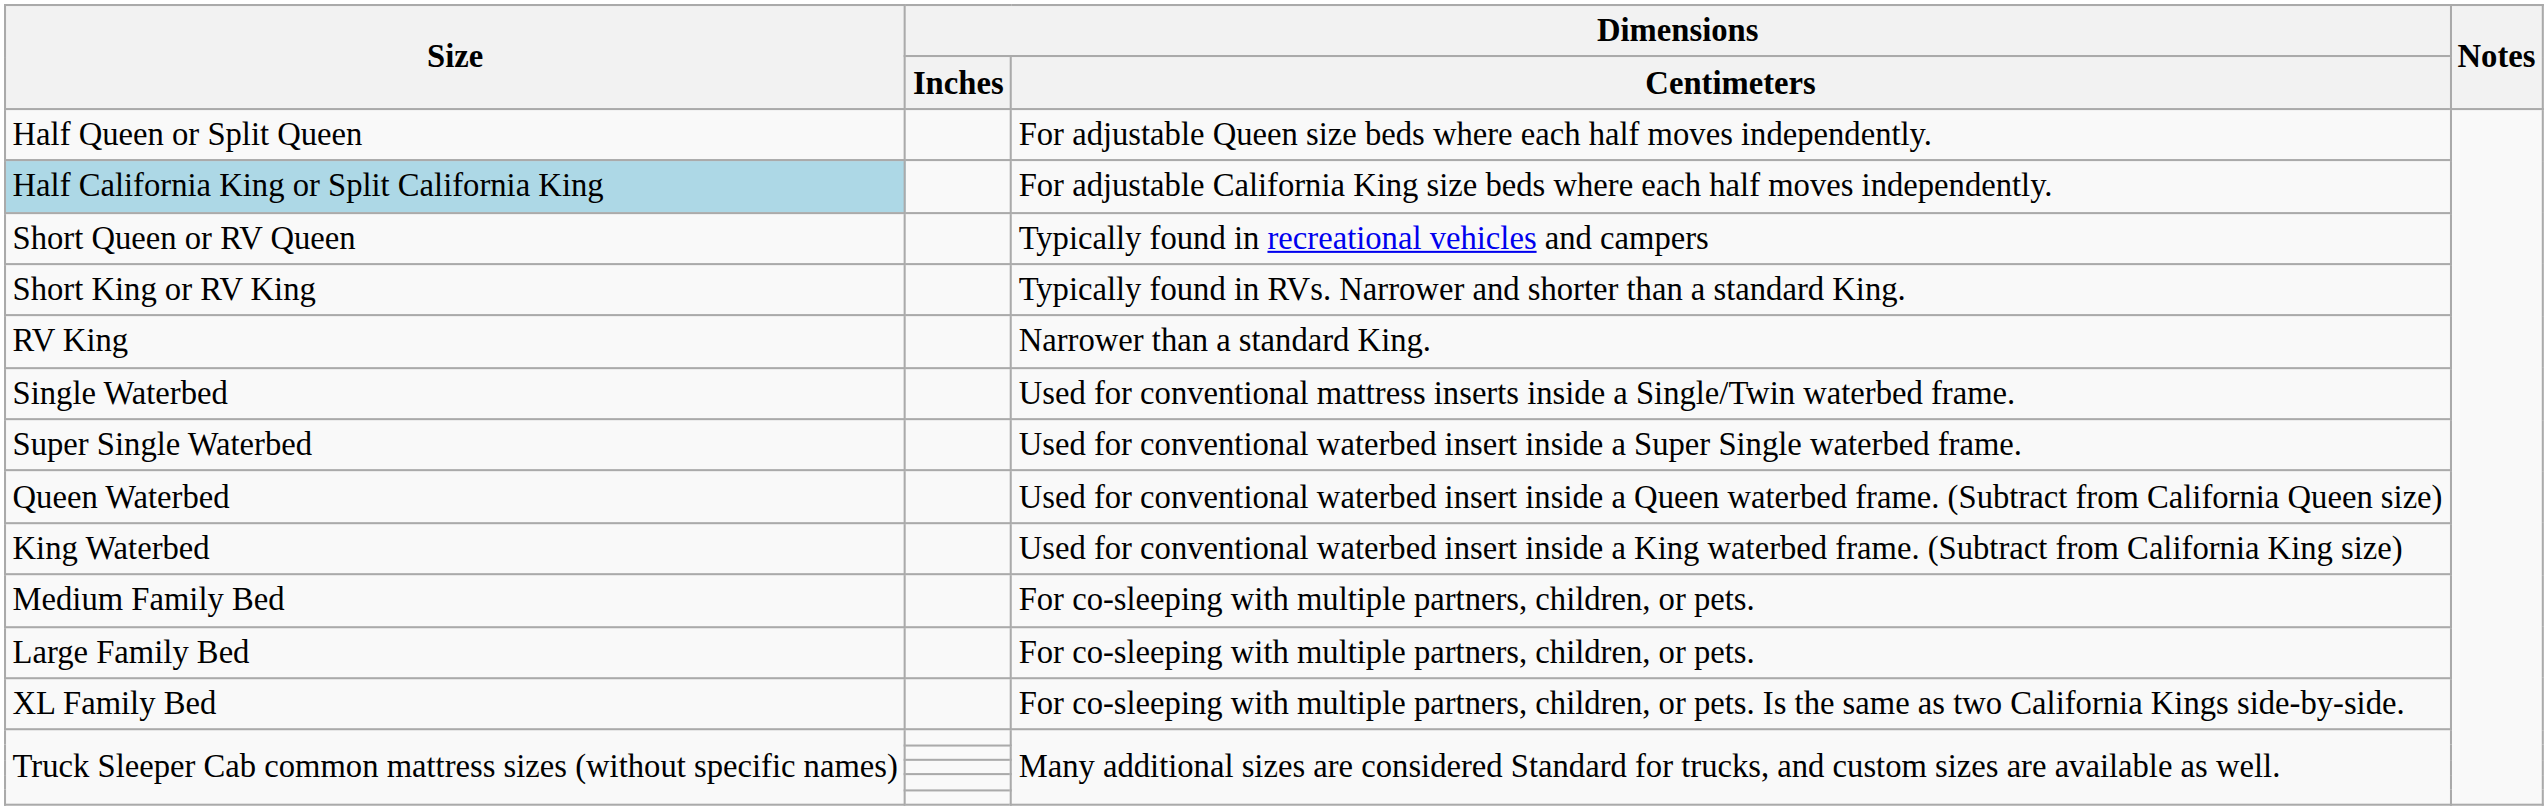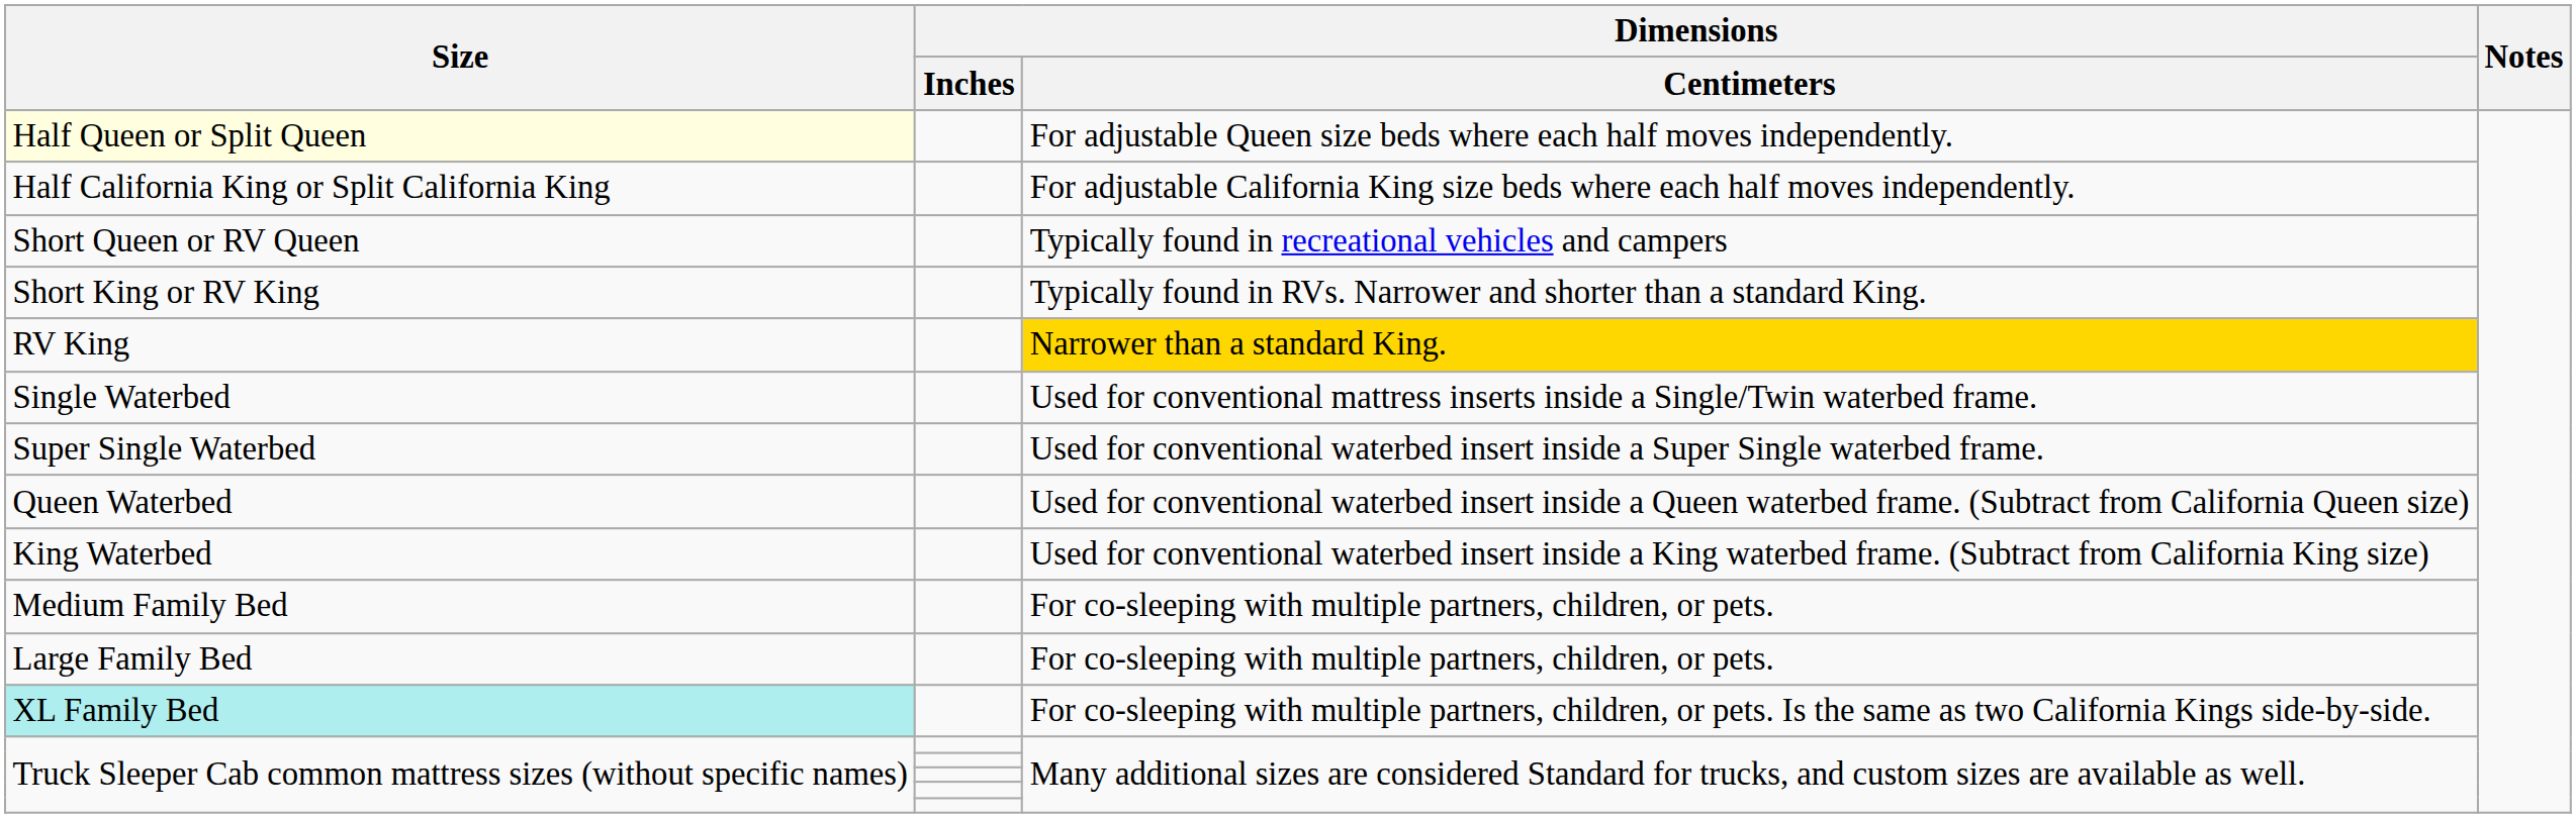 <table class="wikitable">
 <tr>
 <th rowspan="2" scope="col">Size</th>
 <th colspan="2" scope="col">Dimensions</th>
 <th rowspan="2" scope="col">Notes</th>
 </tr>
 <tr>
 <th>Inches</th>
 <th>Centimeters</th>
 </tr>
 <tr>
-<td>Half Queen or Split Queen</td>
+<td style="background: lightyellow;">Half Queen or Split Queen</td>
 <td></td>
 <td>For adjustable Queen size beds where each half moves independently.</td>
 </tr>
 <tr>
-<td style="background: lightblue;">Half California King or Split California King</td>
+<td>Half California King or Split California King</td>
 <td></td>
 <td>For adjustable California King size beds where each half moves independently.</td>
 </tr>
 <tr>
 <td>Short Queen or RV Queen</td>
 <td></td>
 <td>Typically found in <a href='#'>recreational vehicles</a> and campers</td>
 </tr>
 <tr>
 <td>Short King or RV King</td>
 <td></td>
 <td>Typically found in RVs. Narrower and shorter than a standard King.</td>
 </tr>
 <tr>
 <td>RV King</td>
 <td></td>
-<td>Narrower than a standard King.</td>
+<td style="background: gold;">Narrower than a standard King.</td>
 </tr>
 <tr>
 <td>Single Waterbed</td>
 <td></td>
 <td>Used for conventional mattress inserts inside a Single/Twin waterbed frame.</td>
 </tr>
 <tr>
 <td>Super Single Waterbed</td>
 <td></td>
 <td>Used for conventional waterbed insert inside a Super Single waterbed frame.</td>
 </tr>
 <tr>
 <td>Queen Waterbed</td>
 <td></td>
 <td>Used for conventional waterbed insert inside a Queen waterbed frame. (Subtract  from California Queen size)</td>
 </tr>
 <tr>
 <td>King Waterbed</td>
 <td></td>
 <td>Used for conventional waterbed insert inside a King waterbed frame. (Subtract  from California King size)</td>
 </tr>
 <tr>
 <td>Medium Family Bed</td>
 <td></td>
 <td>For co-sleeping with multiple partners, children, or pets.</td>
 </tr>
 <tr>
 <td>Large Family Bed</td>
 <td></td>
 <td>For co-sleeping with multiple partners, children, or pets.</td>
 </tr>
 <tr>
-<td>XL Family Bed</td>
+<td style="background: paleturquoise;">XL Family Bed</td>
 <td></td>
 <td>For co-sleeping with multiple partners, children, or pets. Is the same as two California Kings side-by-side.</td>
 </tr>
 <tr>
 <td rowspan="5">Truck Sleeper Cab common mattress sizes (without specific names)</td>
 <td></td>
 <td rowspan="5">Many additional sizes are considered Standard for trucks, and custom sizes are available as well.</td>
 </tr>
 <tr>
 <td></td>
 </tr>
 <tr>
 <td></td>
 </tr>
 <tr>
 <td></td>
 </tr>
 <tr>
 <td></td>
 </tr>
 </table>
